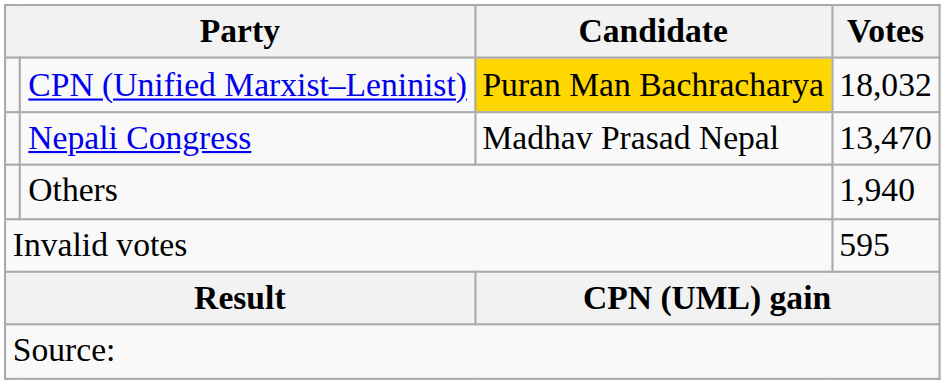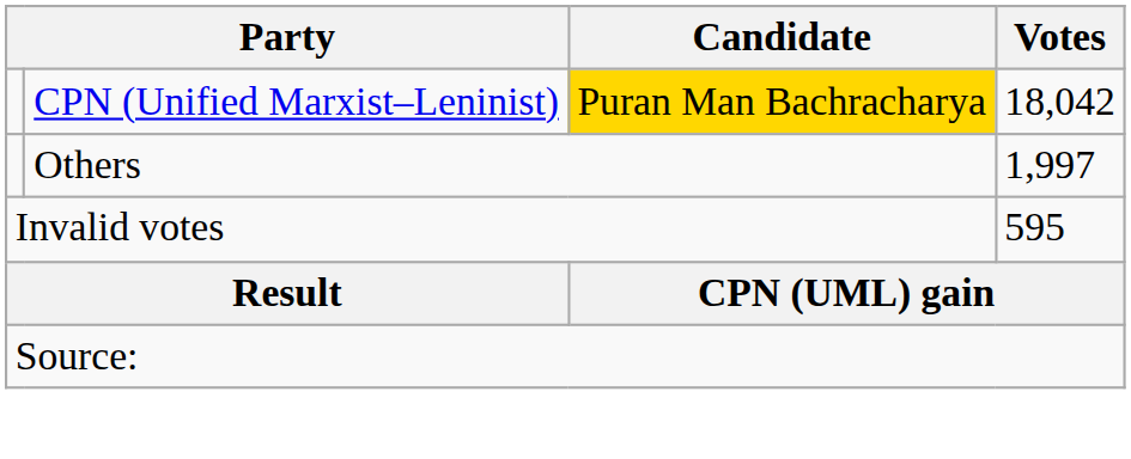 <table class="wikitable">
 <tr>
 <th colspan="2">Party</th>
 <th>Candidate</th>
 <th>Votes</th>
 </tr>
 <tr>
 <td style="background-color:"></td>
 <td><a href='#'>CPN (Unified Marxist–Leninist)</a></td>
 <td style="background: gold;">Puran Man Bachracharya</td>
-<td>18,032</td>
-</tr>
-<tr>
-<td style="background-color:"></td>
-<td><a href='#'>Nepali Congress</a></td>
-<td>Madhav Prasad Nepal</td>
-<td>13,470</td>
+<td>18,042</td>
 </tr>
 <tr>
 <td></td>
 <td colspan="2">Others</td>
-<td>1,940</td>
+<td>1,997</td>
 </tr>
 <tr>
 <td colspan="3">Invalid votes</td>
 <td>595</td>
 </tr>
 <tr>
 <th colspan="2">Result</th>
 <th colspan="2">CPN (UML) gain</th>
 </tr>
 <tr>
 <td colspan="4">Source: </td>
 </tr>
 </table>
